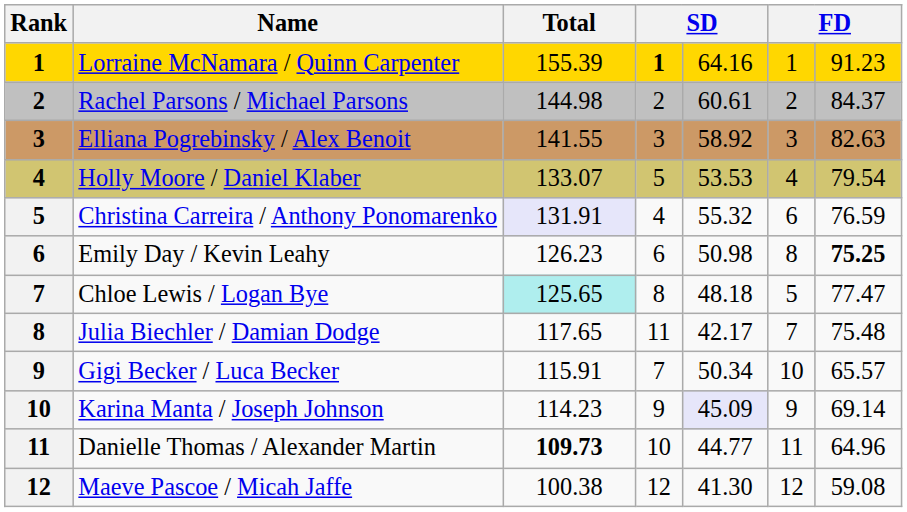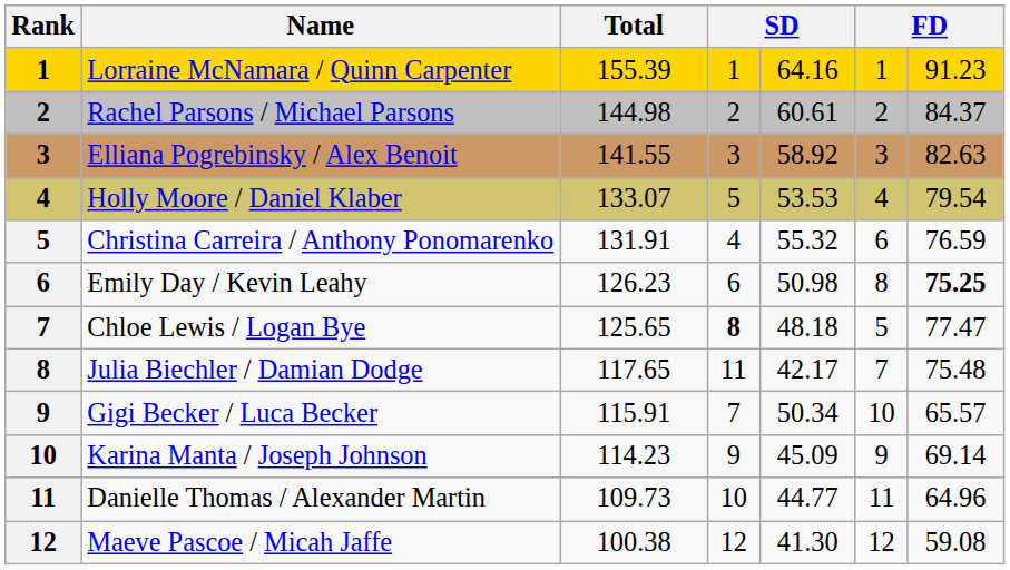 <table class="wikitable sortable">
 <tr>
 <th>Rank</th>
 <th>Name</th>
 <th width="80px">Total</th>
 <th colspan="2" width="80px"><a href='#'>SD</a></th>
 <th colspan="2" width="80px"><a href='#'>FD</a></th>
 </tr>
 <tr bgcolor="gold">
 <td align="center"><strong>1</strong></td>
 <td><a href='#'>Lorraine McNamara</a> / <a href='#'>Quinn Carpenter</a></td>
 <td align="center">155.39</td>
-<td align="center"><strong>1</strong></td>
+<td align="center">1</td>
 <td align="center">64.16</td>
 <td align="center">1</td>
 <td align="center">91.23</td>
 </tr>
 <tr bgcolor="silver">
 <td align="center"><strong>2</strong></td>
 <td><a href='#'>Rachel Parsons</a> / <a href='#'>Michael Parsons</a></td>
 <td align="center">144.98</td>
 <td align="center">2</td>
 <td align="center">60.61</td>
 <td align="center">2</td>
 <td align="center">84.37</td>
 </tr>
 <tr bgcolor="cc9966">
 <td align="center"><strong>3</strong></td>
 <td><a href='#'>Elliana Pogrebinsky</a> / <a href='#'>Alex Benoit</a></td>
 <td align="center">141.55</td>
 <td align="center">3</td>
 <td align="center">58.92</td>
 <td align="center">3</td>
 <td align="center">82.63</td>
 </tr>
 <tr bgcolor="#d1c571">
 <td align="center"><strong>4</strong></td>
 <td><a href='#'>Holly Moore</a> / <a href='#'>Daniel Klaber</a></td>
 <td align="center">133.07</td>
 <td align="center">5</td>
 <td align="center">53.53</td>
 <td align="center">4</td>
 <td align="center">79.54</td>
 </tr>
 <tr>
 <th>5</th>
 <td><a href='#'>Christina Carreira</a> / <a href='#'>Anthony Ponomarenko</a></td>
-<td align="center" style="background: lavender;">131.91</td>
+<td align="center">131.91</td>
 <td align="center">4</td>
 <td align="center">55.32</td>
 <td align="center">6</td>
 <td align="center">76.59</td>
 </tr>
 <tr>
 <th>6</th>
 <td>Emily Day / Kevin Leahy</td>
 <td align="center">126.23</td>
 <td align="center">6</td>
 <td align="center">50.98</td>
 <td align="center">8</td>
 <td align="center"><strong>75.25</strong></td>
 </tr>
 <tr>
 <th>7</th>
 <td>Chloe Lewis / <a href='#'>Logan Bye</a></td>
-<td align="center" style="background: paleturquoise;">125.65</td>
-<td align="center">8</td>
+<td align="center">125.65</td>
+<td align="center"><strong>8</strong></td>
 <td align="center">48.18</td>
 <td align="center">5</td>
 <td align="center">77.47</td>
 </tr>
 <tr>
 <th>8</th>
 <td><a href='#'>Julia Biechler</a> / <a href='#'>Damian Dodge</a></td>
 <td align="center">117.65</td>
 <td align="center">11</td>
 <td align="center">42.17</td>
 <td align="center">7</td>
 <td align="center">75.48</td>
 </tr>
 <tr>
 <th>9</th>
 <td><a href='#'>Gigi Becker</a> / <a href='#'>Luca Becker</a></td>
 <td align="center">115.91</td>
 <td align="center">7</td>
 <td align="center">50.34</td>
 <td align="center">10</td>
 <td align="center">65.57</td>
 </tr>
 <tr>
 <th>10</th>
 <td><a href='#'>Karina Manta</a> / <a href='#'>Joseph Johnson</a></td>
 <td align="center">114.23</td>
 <td align="center">9</td>
-<td align="center" style="background: lavender;">45.09</td>
+<td align="center">45.09</td>
 <td align="center">9</td>
 <td align="center">69.14</td>
 </tr>
 <tr>
 <th>11</th>
 <td>Danielle Thomas / Alexander Martin</td>
-<td align="center"><strong>109.73</strong></td>
+<td align="center">109.73</td>
 <td align="center">10</td>
 <td align="center">44.77</td>
 <td align="center">11</td>
 <td align="center">64.96</td>
 </tr>
 <tr>
 <th>12</th>
 <td><a href='#'>Maeve Pascoe</a> / <a href='#'>Micah Jaffe</a></td>
 <td align="center">100.38</td>
 <td align="center">12</td>
 <td align="center">41.30</td>
 <td align="center">12</td>
 <td align="center">59.08</td>
 </tr>
 </table>
